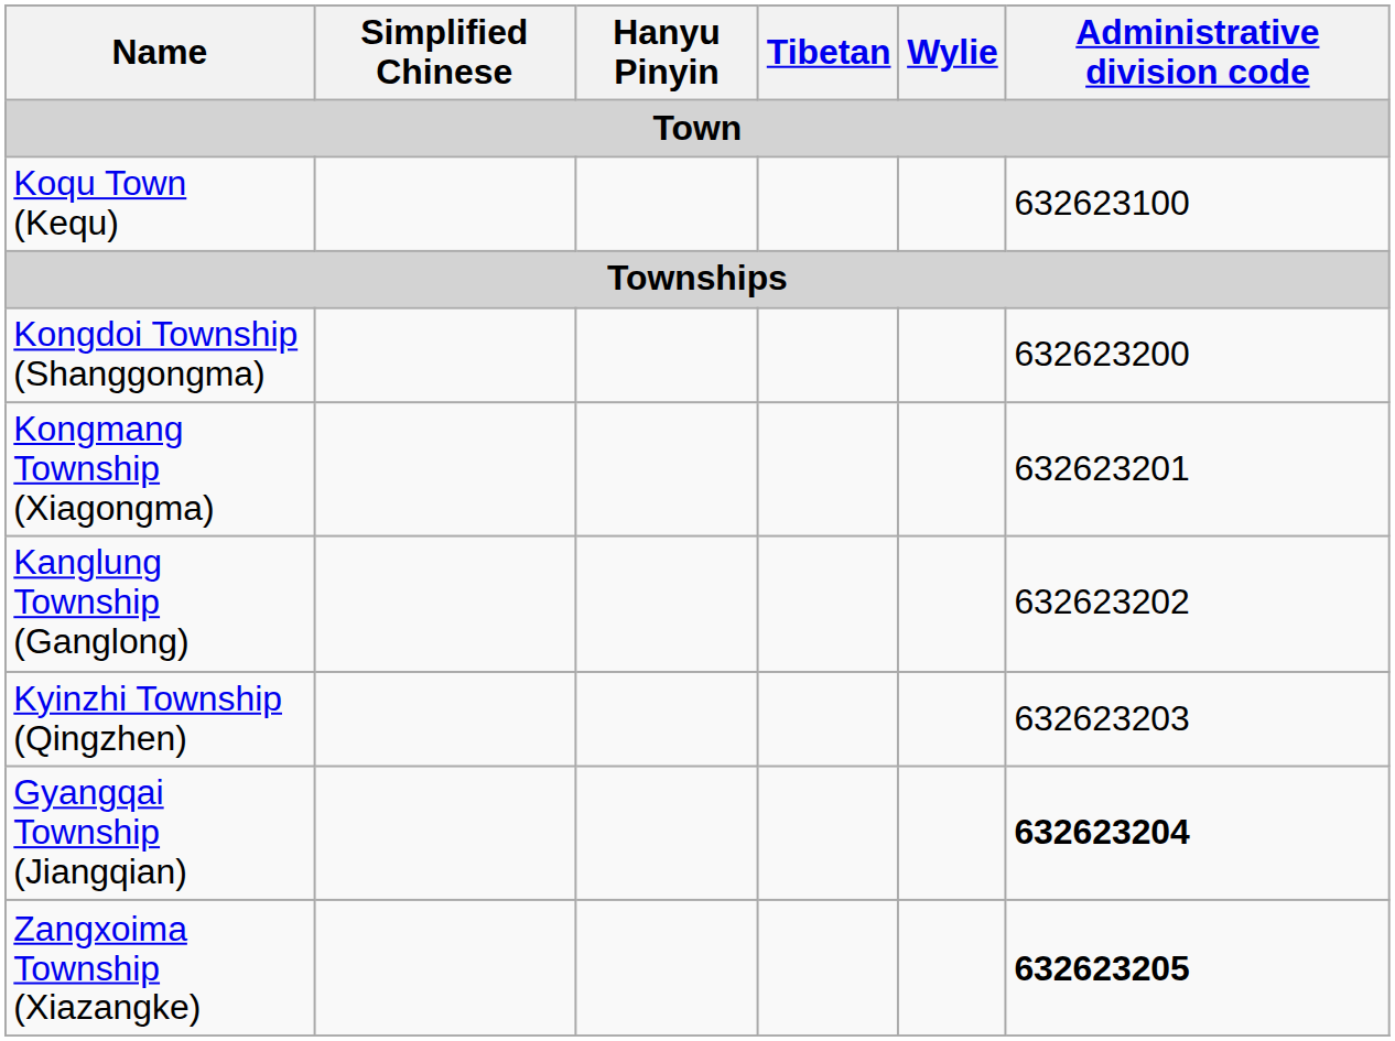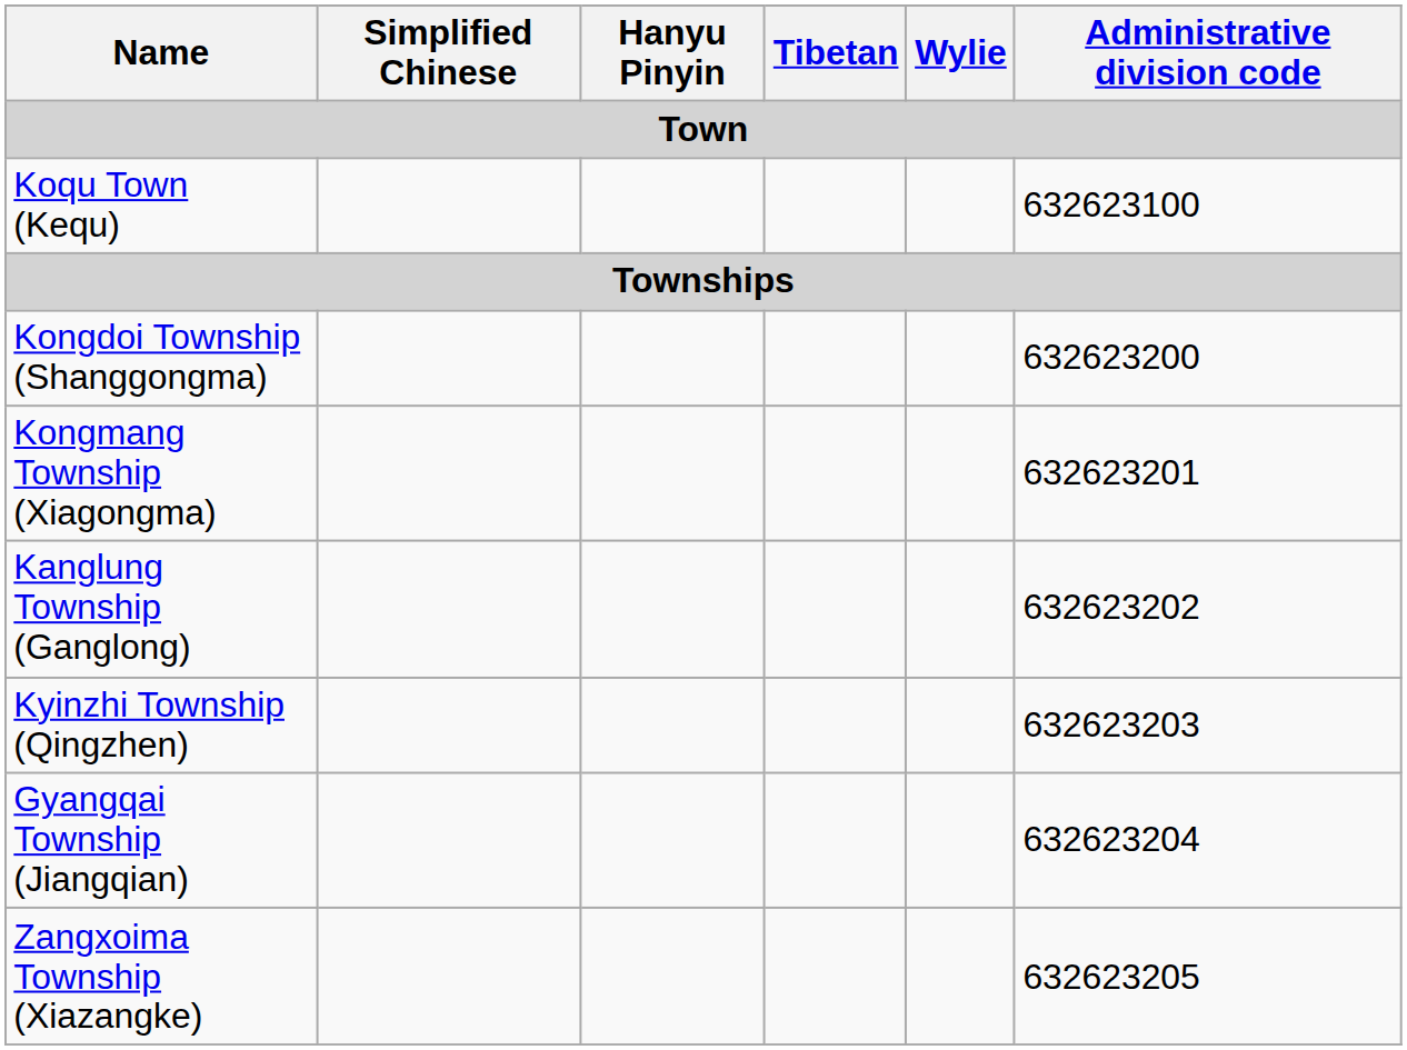 <table class="wikitable" align="center" style="width:50%; border="1">
 <tr>
 <th>Name</th>
 <th>Simplified Chinese</th>
 <th>Hanyu Pinyin</th>
 <th><a href='#'>Tibetan</a></th>
 <th><a href='#'>Wylie</a></th>
 <th><a href='#'>Administrative division code</a></th>
 </tr>
 <tr>
 <td colspan="7"  style="text-align:center; background:#d3d3d3;"><strong>Town</strong></td>
 </tr>
 <tr --------->
 <td><a href='#'>Koqu Town</a><br>(Kequ)</td>
 <td></td>
 <td></td>
 <td></td>
 <td></td>
 <td>632623100</td>
 </tr>
 <tr>
 <td colspan="7"  style="text-align:center; background:#d3d3d3;"><strong>Townships</strong></td>
 </tr>
 <tr --------->
 <td><a href='#'>Kongdoi Township</a><br>(Shanggongma)</td>
 <td></td>
 <td></td>
 <td></td>
 <td></td>
 <td>632623200</td>
 </tr>
 <tr>
 <td><a href='#'>Kongmang Township</a><br>(Xiagongma)</td>
 <td></td>
 <td></td>
 <td></td>
 <td></td>
 <td>632623201</td>
 </tr>
 <tr>
 <td><a href='#'>Kanglung Township</a><br>(Ganglong)</td>
 <td></td>
 <td></td>
 <td></td>
 <td></td>
 <td>632623202</td>
 </tr>
 <tr>
 <td><a href='#'>Kyinzhi Township</a><br>(Qingzhen)</td>
 <td></td>
 <td></td>
 <td></td>
 <td></td>
 <td>632623203</td>
 </tr>
 <tr>
 <td><a href='#'>Gyangqai Township</a><br>(Jiangqian)</td>
 <td></td>
 <td></td>
 <td></td>
 <td></td>
-<td><strong>632623204</strong></td>
+<td>632623204</td>
 </tr>
 <tr>
 <td><a href='#'>Zangxoima Township</a><br>(Xiazangke)</td>
 <td></td>
 <td></td>
 <td></td>
 <td></td>
-<td><strong>632623205</strong></td>
+<td>632623205</td>
 </tr>
 <tr>
 </tr>
 </table>
